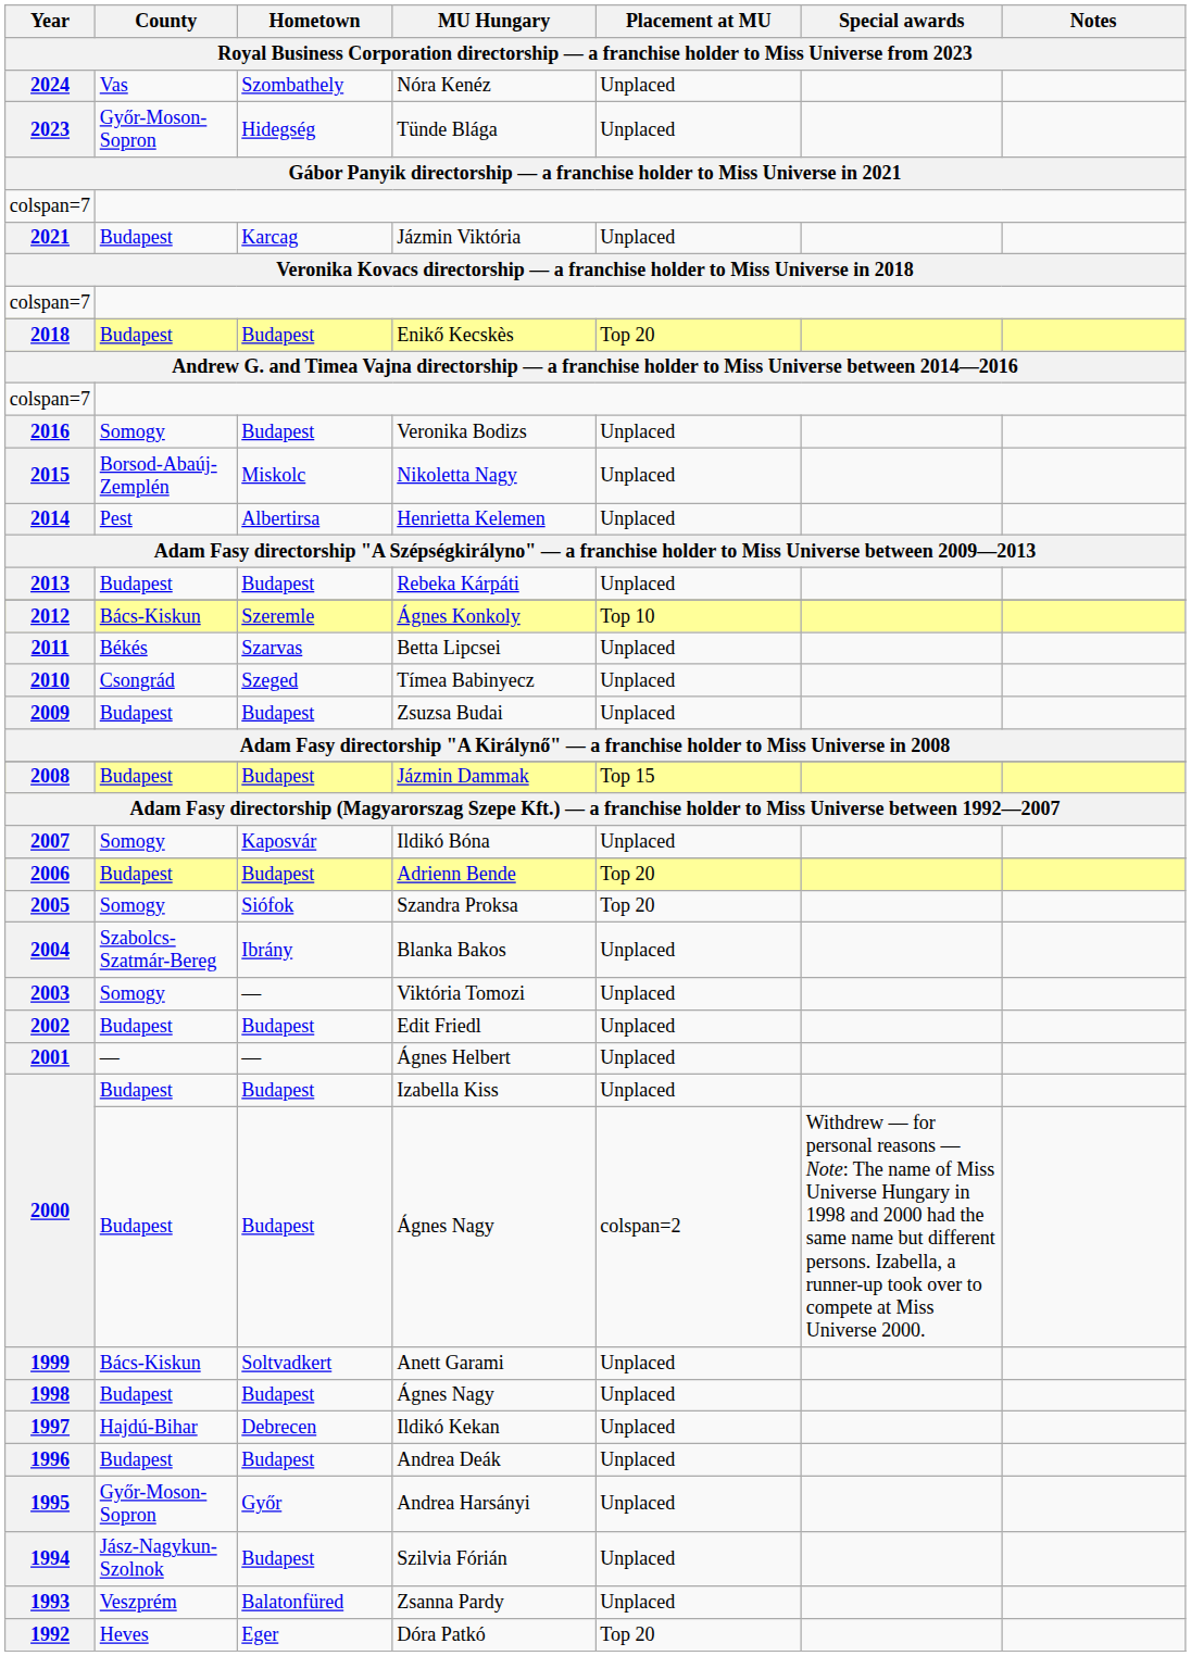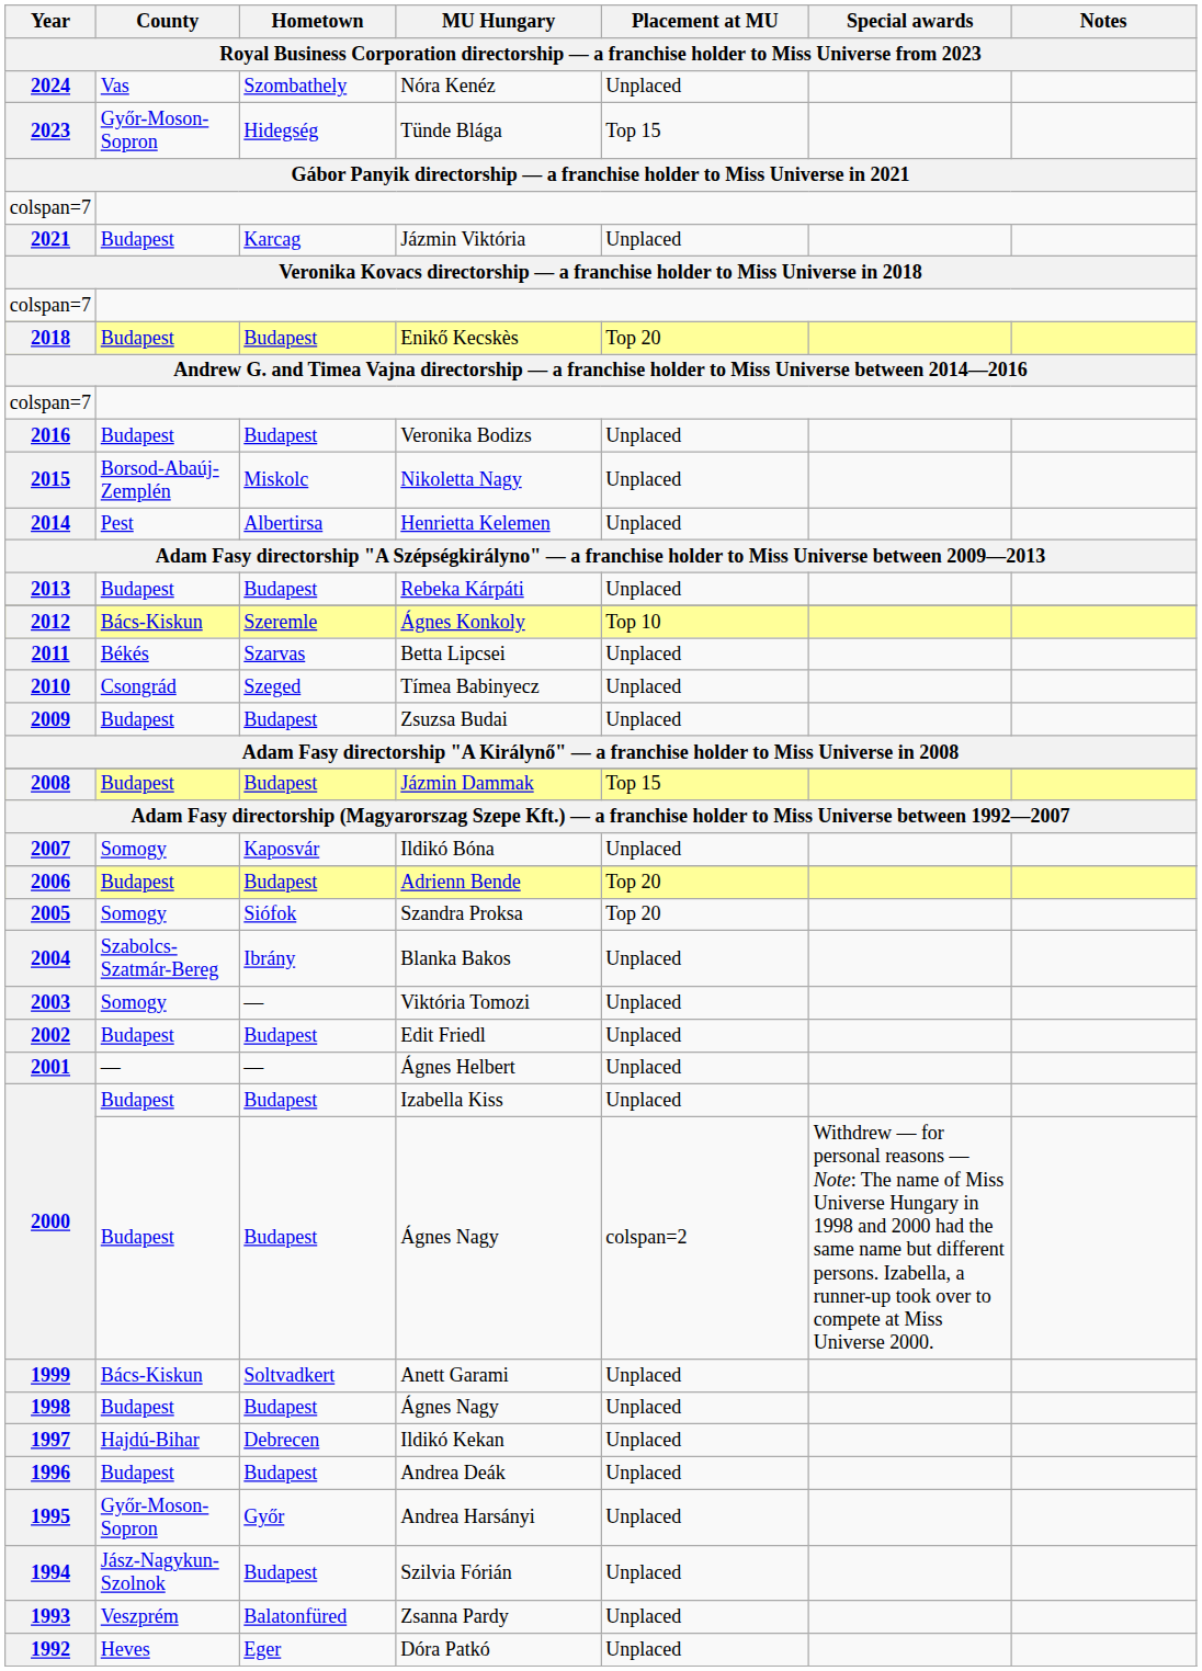 <table class="wikitable " style="font-size: 90%;">
 <tr>
 <th width="60">Year</th>
 <th width="150">County</th>
 <th width="150">Hometown</th>
 <th width="250">MU Hungary</th>
 <th width="250">Placement at MU</th>
 <th width="250">Special awards</th>
 <th width="250">Notes</th>
 </tr>
 <tr>
 <th colspan="7">Royal Business Corporation directorship — a franchise holder to Miss Universe from 2023</th>
 </tr>
 <tr>
 <th><a href='#'>2024</a></th>
 <td><a href='#'>Vas</a></td>
 <td><a href='#'>Szombathely</a></td>
 <td>Nóra Kenéz</td>
 <td>Unplaced</td>
 <td></td>
 <td></td>
 </tr>
 <tr>
 <th><a href='#'>2023</a></th>
 <td><a href='#'>Győr-Moson-Sopron</a></td>
 <td><a href='#'>Hidegség</a></td>
 <td>Tünde Blága</td>
-<td>Unplaced</td>
+<td>Top 15</td>
 <td></td>
 <td></td>
 </tr>
 <tr>
 <th colspan="7">Gábor Panyik directorship — a franchise holder to Miss Universe in 2021</th>
 </tr>
 <tr>
 <td>colspan=7 </td>
 </tr>
 <tr>
 <th><a href='#'>2021</a></th>
 <td><a href='#'>Budapest</a></td>
 <td><a href='#'>Karcag</a></td>
 <td>Jázmin Viktória</td>
 <td>Unplaced</td>
 <td></td>
 <td></td>
 </tr>
 <tr>
 <th colspan="7">Veronika Kovacs directorship — a franchise holder to Miss Universe in 2018</th>
 </tr>
 <tr>
 <td>colspan=7 </td>
 </tr>
 <tr>
 </tr>
 <tr style="background:#FFFF99;">
 <th><a href='#'>2018</a></th>
 <td><a href='#'>Budapest</a></td>
 <td><a href='#'>Budapest</a></td>
 <td>Enikő Kecskès</td>
 <td>Top 20</td>
 <td></td>
 <td></td>
 </tr>
 <tr>
 <th colspan="7">Andrew G. and Timea Vajna directorship — a franchise holder to Miss Universe between 2014―2016</th>
 </tr>
 <tr>
 <td>colspan=7 </td>
 </tr>
 <tr>
 <th><a href='#'>2016</a></th>
-<td><a href='#'>Somogy</a></td>
+<td><a href='#'>Budapest</a></td>
 <td><a href='#'>Budapest</a></td>
 <td>Veronika Bodizs</td>
 <td>Unplaced</td>
 <td></td>
 <td></td>
 </tr>
 <tr>
 <th><a href='#'>2015</a></th>
 <td><a href='#'>Borsod-Abaúj-Zemplén</a></td>
 <td><a href='#'>Miskolc</a></td>
 <td><a href='#'>Nikoletta Nagy</a></td>
 <td>Unplaced</td>
 <td></td>
 <td></td>
 </tr>
 <tr>
 <th><a href='#'>2014</a></th>
 <td><a href='#'>Pest</a></td>
 <td><a href='#'>Albertirsa</a></td>
 <td><a href='#'>Henrietta Kelemen</a></td>
 <td>Unplaced</td>
 <td></td>
 <td></td>
 </tr>
 <tr>
 <th colspan="7">Adam Fasy directorship "A Szépségkirályno" — a franchise holder to Miss Universe between 2009―2013</th>
 </tr>
 <tr>
 <th><a href='#'>2013</a></th>
 <td><a href='#'>Budapest</a></td>
 <td><a href='#'>Budapest</a></td>
 <td><a href='#'>Rebeka Kárpáti</a></td>
 <td>Unplaced</td>
 <td></td>
 <td></td>
 </tr>
 <tr>
 </tr>
 <tr style="background-color:#FFFF99;">
 <th><a href='#'>2012</a></th>
 <td><a href='#'>Bács-Kiskun</a></td>
 <td><a href='#'>Szeremle</a></td>
 <td><a href='#'>Ágnes Konkoly</a></td>
 <td>Top 10</td>
 <td></td>
 <td></td>
 </tr>
 <tr>
 <th><a href='#'>2011</a></th>
 <td><a href='#'>Békés</a></td>
 <td><a href='#'>Szarvas</a></td>
 <td>Betta Lipcsei</td>
 <td>Unplaced</td>
 <td></td>
 <td></td>
 </tr>
 <tr>
 <th><a href='#'>2010</a></th>
 <td><a href='#'>Csongrád</a></td>
 <td><a href='#'>Szeged</a></td>
 <td>Tímea Babinyecz</td>
 <td>Unplaced</td>
 <td></td>
 <td></td>
 </tr>
 <tr>
 <th><a href='#'>2009</a></th>
 <td><a href='#'>Budapest</a></td>
 <td><a href='#'>Budapest</a></td>
 <td>Zsuzsa Budai</td>
 <td>Unplaced</td>
 <td></td>
 <td></td>
 </tr>
 <tr>
 <th colspan="7">Adam Fasy directorship "A Királynő" — a franchise holder to Miss Universe in 2008</th>
 </tr>
 <tr>
 </tr>
 <tr style="background-color:#FFFF99;">
 <th><a href='#'>2008</a></th>
 <td><a href='#'>Budapest</a></td>
 <td><a href='#'>Budapest</a></td>
 <td><a href='#'>Jázmin Dammak</a></td>
 <td>Top 15</td>
 <td></td>
 <td></td>
 </tr>
 <tr>
 <th colspan="7">Adam Fasy directorship (Magyarorszag Szepe Kft.) — a franchise holder to Miss Universe between 1992―2007</th>
 </tr>
 <tr>
 <th><a href='#'>2007</a></th>
 <td><a href='#'>Somogy</a></td>
 <td><a href='#'>Kaposvár</a></td>
 <td>Ildikó Bóna</td>
 <td>Unplaced</td>
 <td></td>
 <td></td>
 </tr>
 <tr>
 </tr>
 <tr style="background-color:#FFFF99;">
 <th><a href='#'>2006</a></th>
 <td><a href='#'>Budapest</a></td>
 <td><a href='#'>Budapest</a></td>
 <td><a href='#'>Adrienn Bende</a></td>
 <td>Top 20</td>
 <td></td>
 <td></td>
 </tr>
 <tr>
 <th><a href='#'>2005</a></th>
 <td><a href='#'>Somogy</a></td>
 <td><a href='#'>Siófok</a></td>
 <td>Szandra Proksa</td>
 <td>Top 20</td>
 <td></td>
 <td></td>
 </tr>
 <tr>
 <th><a href='#'>2004</a></th>
 <td><a href='#'>Szabolcs-Szatmár-Bereg</a></td>
 <td><a href='#'>Ibrány</a></td>
 <td>Blanka Bakos</td>
 <td>Unplaced</td>
 <td></td>
 <td></td>
 </tr>
 <tr>
 <th><a href='#'>2003</a></th>
 <td><a href='#'>Somogy</a></td>
 <td>—</td>
 <td>Viktória Tomozi</td>
 <td>Unplaced</td>
 <td></td>
 <td></td>
 </tr>
 <tr>
 <th><a href='#'>2002</a></th>
 <td><a href='#'>Budapest</a></td>
 <td><a href='#'>Budapest</a></td>
 <td>Edit Friedl</td>
 <td>Unplaced</td>
 <td></td>
 <td></td>
 </tr>
 <tr>
 <th><a href='#'>2001</a></th>
 <td>—</td>
 <td>—</td>
 <td>Ágnes Helbert</td>
 <td>Unplaced</td>
 <td></td>
 <td></td>
 </tr>
 <tr>
 <th rowspan=2><a href='#'>2000</a></th>
 <td><a href='#'>Budapest</a></td>
 <td><a href='#'>Budapest</a></td>
 <td>Izabella Kiss</td>
 <td>Unplaced</td>
 <td></td>
 <td></td>
 </tr>
 <tr>
 <td><a href='#'>Budapest</a></td>
 <td><a href='#'>Budapest</a></td>
 <td>Ágnes Nagy</td>
 <td>colspan=2 </td>
 <td>Withdrew — for personal reasons — <em>Note</em>: The name of Miss Universe Hungary in 1998 and 2000 had the same name but different persons. Izabella, a runner-up took over to compete at Miss Universe 2000.</td>
 </tr>
 <tr>
 <th><a href='#'>1999</a></th>
 <td><a href='#'>Bács-Kiskun</a></td>
 <td><a href='#'>Soltvadkert</a></td>
 <td>Anett Garami</td>
 <td>Unplaced</td>
 <td></td>
 <td></td>
 </tr>
 <tr>
 <th><a href='#'>1998</a></th>
 <td><a href='#'>Budapest</a></td>
 <td><a href='#'>Budapest</a></td>
 <td>Ágnes Nagy</td>
 <td>Unplaced</td>
 <td></td>
 <td></td>
 </tr>
 <tr>
 <th><a href='#'>1997</a></th>
 <td><a href='#'>Hajdú-Bihar</a></td>
 <td><a href='#'>Debrecen</a></td>
 <td>Ildikó Kekan</td>
 <td>Unplaced</td>
 <td></td>
 <td></td>
 </tr>
 <tr>
 <th><a href='#'>1996</a></th>
 <td><a href='#'>Budapest</a></td>
 <td><a href='#'>Budapest</a></td>
 <td>Andrea Deák</td>
 <td>Unplaced</td>
 <td></td>
 <td></td>
 </tr>
 <tr>
 <th><a href='#'>1995</a></th>
 <td><a href='#'>Győr-Moson-Sopron</a></td>
 <td><a href='#'>Győr</a></td>
 <td>Andrea Harsányi</td>
 <td>Unplaced</td>
 <td></td>
 <td></td>
 </tr>
 <tr>
 <th><a href='#'>1994</a></th>
 <td><a href='#'>Jász-Nagykun-Szolnok</a></td>
 <td><a href='#'>Budapest</a></td>
 <td>Szilvia Fórián</td>
 <td>Unplaced</td>
 <td></td>
 <td></td>
 </tr>
 <tr>
 <th><a href='#'>1993</a></th>
 <td><a href='#'>Veszprém</a></td>
 <td><a href='#'>Balatonfüred</a></td>
 <td>Zsanna Pardy</td>
 <td>Unplaced</td>
 <td></td>
 <td></td>
 </tr>
 <tr>
 <th><a href='#'>1992</a></th>
 <td><a href='#'>Heves</a></td>
 <td><a href='#'>Eger</a></td>
 <td>Dóra Patkó</td>
-<td>Top 20</td>
+<td>Unplaced</td>
 <td></td>
 <td></td>
 </tr>
 <tr>
 </tr>
 </table>
